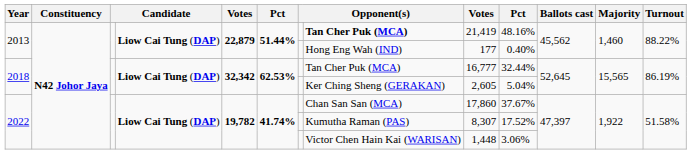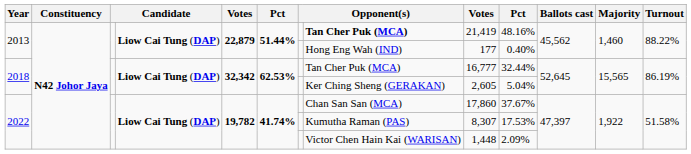 <table class="wikitable" style="margin:0.5em ; font-size:95%">
 <tr>
 <th>Year</th>
 <th>Constituency</th>
 <th colspan=2>Candidate</th>
 <th>Votes</th>
 <th>Pct</th>
 <th colspan=2>Opponent(s)</th>
 <th>Votes</th>
 <th>Pct</th>
 <th>Ballots cast</th>
 <th>Majority</th>
 <th>Turnout</th>
 </tr>
 <tr>
 <td rowspan=2>2013</td>
 <td rowspan=7><strong>N42 <a href='#'>Johor Jaya</a></strong></td>
 <td rowspan=2 ></td>
 <td rowspan=2><strong>Liow Cai Tung</strong> (<a href='#'><strong>DAP</strong></a>)</td>
 <td rowspan=2 align="right"><strong>22,879</strong></td>
 <td rowspan=2><strong>51.44%</strong></td>
 <td></td>
 <td><strong>Tan Cher Puk (<a href='#'>MCA</a>)</strong></td>
 <td align="right">21,419</td>
 <td>48.16%</td>
 <td rowspan=2>45,562</td>
 <td rowspan=2>1,460</td>
 <td rowspan=2>88.22%</td>
 </tr>
 <tr>
 <td></td>
 <td>Hong Eng Wah (<a href='#'>IND</a>)</td>
 <td align="right">177</td>
 <td align="right">0.40%</td>
 </tr>
 <tr>
 <td rowspan=2><a href='#'>2018</a></td>
 <td rowspan=2 ></td>
 <td rowspan=2><strong>Liow Cai Tung</strong> (<a href='#'><strong>DAP</strong></a>)</td>
 <td rowspan=2 align="right"><strong>32,342</strong></td>
 <td rowspan=2><strong>62.53%</strong></td>
 <td></td>
 <td>Tan Cher Puk (<a href='#'>MCA</a>)</td>
 <td align="right">16,777</td>
 <td>32.44%</td>
 <td rowspan=2>52,645</td>
 <td rowspan=2>15,565</td>
 <td rowspan=2>86.19%</td>
 </tr>
 <tr>
 <td></td>
 <td>Ker Ching Sheng (<a href='#'>GERAKAN</a>)</td>
 <td align="right">2,605</td>
 <td align="right">5.04%</td>
 </tr>
 <tr>
 <td rowspan=3><a href='#'>2022</a></td>
 <td rowspan=3 ></td>
 <td rowspan=3><strong>Liow Cai Tung</strong> (<a href='#'><strong>DAP</strong></a>)</td>
 <td rowspan=3 align="right"><strong>19,782</strong></td>
 <td rowspan=3><strong>41.74%</strong></td>
 <td></td>
 <td>Chan San San (<a href='#'>MCA</a>)</td>
 <td align="right">17,860</td>
 <td>37.67%</td>
 <td rowspan=3>47,397</td>
 <td rowspan=3>1,922</td>
 <td rowspan=3>51.58%</td>
 </tr>
 <tr>
 <td></td>
 <td>Kumutha Raman (<a href='#'>PAS</a>)</td>
 <td align="right">8,307</td>
-<td>17.52%</td>
+<td>17.53%</td>
 </tr>
 <tr>
 <td></td>
 <td>Victor Chen Hain Kai (<a href='#'>WARISAN</a>)</td>
 <td align="right">1,448</td>
-<td>3.06%</td>
+<td>2.09%</td>
 </tr>
 </table>
